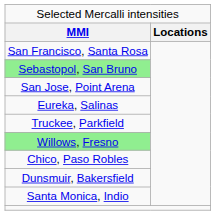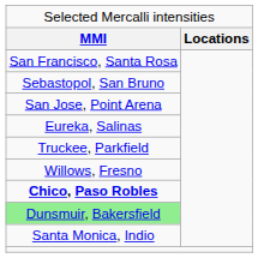 <table class="wikitable" style="float: right; text-align: center; font-size:90%;">
 <tr>
 <td colspan="2" style="text-align: center;">Selected Mercalli intensities</td>
 </tr>
 <tr>
 <th><a href='#'>MMI</a></th>
 <th>Locations</th>
 </tr>
 <tr>
 <td><a href='#'>San Francisco</a>, <a href='#'>Santa Rosa</a></td>
 </tr>
 <tr>
-<td style="background: lightgreen;"><a href='#'>Sebastopol</a>, <a href='#'>San Bruno</a></td>
+<td><a href='#'>Sebastopol</a>, <a href='#'>San Bruno</a></td>
 </tr>
 <tr>
 <td><a href='#'>San Jose</a>, <a href='#'>Point Arena</a></td>
 </tr>
 <tr>
 <td><a href='#'>Eureka</a>, <a href='#'>Salinas</a></td>
 </tr>
 <tr>
 <td><a href='#'>Truckee</a>, <a href='#'>Parkfield</a></td>
 </tr>
 <tr>
-<td style="background: lightgreen;"><a href='#'>Willows</a>, <a href='#'>Fresno</a></td>
+<td><a href='#'>Willows</a>, <a href='#'>Fresno</a></td>
 </tr>
 <tr>
-<td><a href='#'>Chico</a>, <a href='#'>Paso Robles</a></td>
+<td><strong><a href='#'>Chico</a>, <a href='#'>Paso Robles</a></strong></td>
 </tr>
 <tr>
-<td><a href='#'>Dunsmuir</a>, <a href='#'>Bakersfield</a></td>
+<td style="background: lightgreen;"><a href='#'>Dunsmuir</a>, <a href='#'>Bakersfield</a></td>
 </tr>
 <tr>
 <td><a href='#'>Santa Monica</a>, <a href='#'>Indio</a></td>
 </tr>
 <tr>
 <td colspan="3" style="text-align: center;"><small><span></span></small></td>
 </tr>
 </table>
